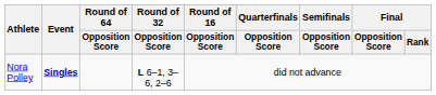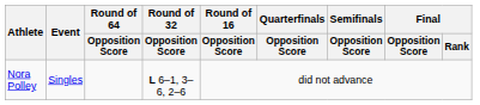 <table class=wikitable style="font-size:90%">
 <tr>
 <th rowspan=2>Athlete</th>
 <th rowspan=2>Event</th>
 <th>Round of 64</th>
 <th>Round of 32</th>
 <th>Round of 16</th>
 <th>Quarterfinals</th>
 <th>Semifinals</th>
 <th colspan=2>Final</th>
 </tr>
 <tr style="font-size:95%">
 <th>Opposition<br>Score</th>
 <th>Opposition<br>Score</th>
 <th>Opposition<br>Score</th>
 <th>Opposition<br>Score</th>
 <th>Opposition<br>Score</th>
 <th>Opposition<br>Score</th>
 <th>Rank</th>
 </tr>
 <tr align=center>
 <td align=left><a href='#'>Nora Polley</a></td>
-<td align=left><strong><a href='#'>Singles</a></strong></td>
+<td align=left><a href='#'>Singles</a></td>
 <td></td>
 <td><br> <strong>L</strong> 6–1, 3–6, 2–6</td>
 <td colspan=5>did not advance</td>
 </tr>
 </table>
